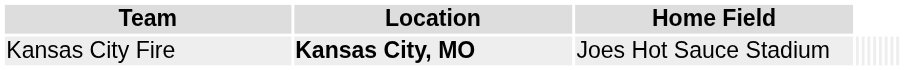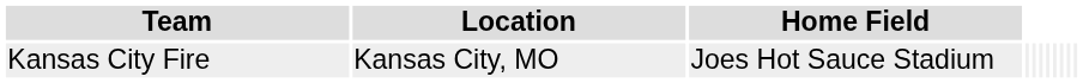 <table width=625>
 <tr style="background:#ddd;">
 <th width=34%><strong>Team</strong></th>
 <th width=33%><strong>Location</strong></th>
 <th width=33%><strong>Home Field</strong></th>
 </tr>
 <tr style="background:#eee;">
 <td>Kansas City Fire</td>
-<td><strong>Kansas City, MO</strong></td>
+<td>Kansas City, MO</td>
 <td>Joes Hot Sauce Stadium</td>
 <td></td>
 <td></td>
 <td></td>
 <td></td>
 <td></td>
 <td></td>
 <td></td>
 <td></td>
 </tr>
 </table>
